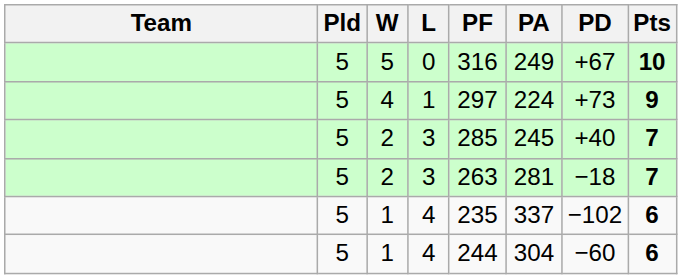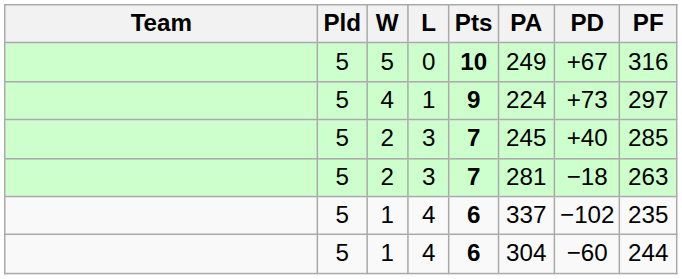 <table class="wikitable" style="text-align:center;">
 <tr>
 <th width=200>Team</th>
 <th width=20>Pld</th>
 <th width=20>W</th>
 <th width=20>L</th>
-<th width=30>PF</th>
+<th width=20>Pts</th>
 <th width=30>PA</th>
 <th width=30>PD</th>
-<th width=20>Pts</th>
+<th width=30>PF</th>
 </tr>
 <tr bgcolor="#ccffcc">
 <td align=left></td>
 <td>5</td>
 <td>5</td>
 <td>0</td>
-<td>316</td>
+<td><strong>10</strong></td>
 <td>249</td>
 <td>+67</td>
-<td><strong>10</strong></td>
+<td>316</td>
 </tr>
 <tr bgcolor="#ccffcc">
 <td align=left></td>
 <td>5</td>
 <td>4</td>
 <td>1</td>
-<td>297</td>
+<td><strong>9</strong></td>
 <td>224</td>
 <td>+73</td>
-<td><strong>9</strong></td>
+<td>297</td>
 </tr>
 <tr bgcolor="#ccffcc">
 <td align=left></td>
 <td>5</td>
 <td>2</td>
 <td>3</td>
-<td>285</td>
+<td><strong>7</strong></td>
 <td>245</td>
 <td>+40</td>
-<td><strong>7</strong></td>
+<td>285</td>
 </tr>
 <tr bgcolor="#ccffcc">
 <td align=left></td>
 <td>5</td>
 <td>2</td>
 <td>3</td>
-<td>263</td>
+<td><strong>7</strong></td>
 <td>281</td>
 <td>−18</td>
-<td><strong>7</strong></td>
+<td>263</td>
 </tr>
 <tr>
 <td align=left></td>
 <td>5</td>
 <td>1</td>
 <td>4</td>
-<td>235</td>
+<td><strong>6</strong></td>
 <td>337</td>
 <td>−102</td>
-<td><strong>6</strong></td>
+<td>235</td>
 </tr>
 <tr>
 <td align=left></td>
 <td>5</td>
 <td>1</td>
 <td>4</td>
-<td>244</td>
+<td><strong>6</strong></td>
 <td>304</td>
 <td>−60</td>
-<td><strong>6</strong></td>
+<td>244</td>
 </tr>
 </table>
